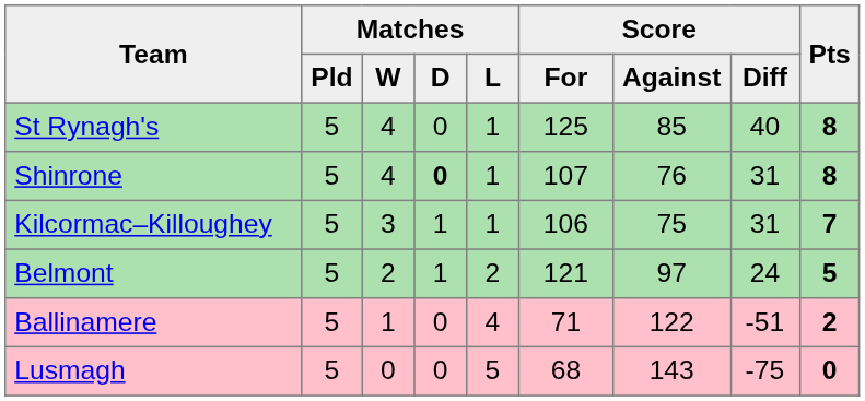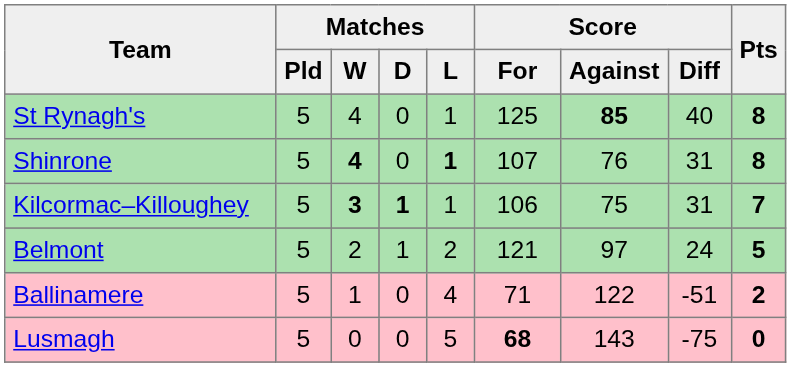 <table style=border-collapse:collapse border=1 cellspacing=0 cellpadding=5>
 <tr align=center bgcolor=#efefef>
 <th rowspan=2 width=165>Team</th>
 <th colspan=4>Matches</th>
 <th colspan=3>Score</th>
 <th rowspan=2width=20>Pts</th>
 </tr>
 <tr align=center bgcolor=#efefef>
 <th width=20>Pld</th>
 <th width=20>W</th>
 <th width=20>D</th>
 <th width=20>L</th>
 <th width=45>For</th>
 <th width=45>Against</th>
 <th width=30>Diff</th>
 </tr>
 <tr align=center style="background:#ACE1AF;">
 <td style="text-align:left;"><a href='#'>St Rynagh's</a></td>
 <td>5</td>
 <td>4</td>
 <td>0</td>
 <td>1</td>
 <td>125</td>
-<td>85</td>
+<td><strong>85</strong></td>
 <td>40</td>
 <td><strong>8</strong></td>
 </tr>
 <tr align=center style="background:#ACE1AF;">
 <td style="text-align:left;"><a href='#'>Shinrone</a></td>
 <td>5</td>
-<td>4</td>
-<td><strong>0</strong></td>
-<td>1</td>
+<td><strong>4</strong></td>
+<td>0</td>
+<td><strong>1</strong></td>
 <td>107</td>
 <td>76</td>
 <td>31</td>
 <td><strong>8</strong></td>
 </tr>
 <tr align=center style="background:#ACE1AF;">
 <td style="text-align:left;"><a href='#'>Kilcormac–Killoughey</a></td>
 <td>5</td>
-<td>3</td>
-<td>1</td>
+<td><strong>3</strong></td>
+<td><strong>1</strong></td>
 <td>1</td>
 <td>106</td>
 <td>75</td>
 <td>31</td>
 <td><strong>7</strong></td>
 </tr>
 <tr align=center style="background:#ACE1AF;">
 <td style="text-align:left;"><a href='#'>Belmont</a></td>
 <td>5</td>
 <td>2</td>
 <td>1</td>
 <td>2</td>
 <td>121</td>
 <td>97</td>
 <td>24</td>
 <td><strong>5</strong></td>
 </tr>
 <tr align=center style="background:#FFC0CB;">
 <td style="text-align:left;"><a href='#'>Ballinamere</a></td>
 <td>5</td>
 <td>1</td>
 <td>0</td>
 <td>4</td>
 <td>71</td>
 <td>122</td>
 <td>-51</td>
 <td><strong>2</strong></td>
 </tr>
 <tr align=center style="background:#FFC0CB;">
 <td style="text-align:left;"><a href='#'>Lusmagh</a></td>
 <td>5</td>
 <td>0</td>
 <td>0</td>
 <td>5</td>
-<td>68</td>
+<td><strong>68</strong></td>
 <td>143</td>
 <td>-75</td>
 <td><strong>0</strong></td>
 </tr>
 </table>
